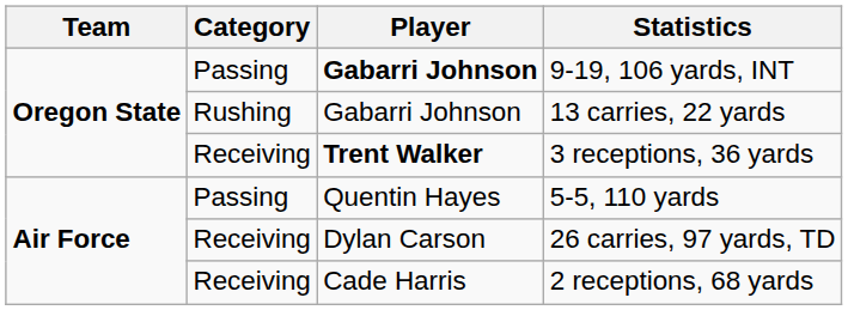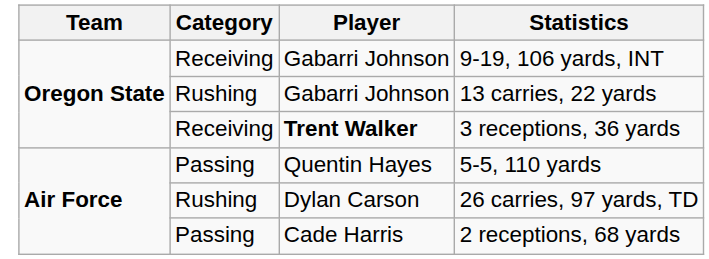 <table class="wikitable" style="float: right;">
 <tr>
 <th>Team</th>
 <th>Category</th>
 <th>Player</th>
 <th>Statistics</th>
 </tr>
 <tr>
 <td rowspan=3><strong>Oregon State</strong></td>
-<td>Passing</td>
-<td><strong>Gabarri Johnson</strong></td>
+<td>Receiving</td>
+<td>Gabarri Johnson</td>
 <td>9-19, 106 yards, INT</td>
 </tr>
 <tr>
 <td>Rushing</td>
 <td>Gabarri Johnson</td>
 <td>13 carries, 22 yards</td>
 </tr>
 <tr>
 <td>Receiving</td>
 <td><strong>Trent Walker</strong></td>
 <td>3 receptions, 36 yards</td>
 </tr>
 <tr>
 <td rowspan=3><strong>Air Force</strong></td>
 <td>Passing</td>
 <td>Quentin Hayes</td>
 <td>5-5, 110 yards</td>
 </tr>
 <tr>
-<td>Receiving</td>
+<td>Rushing</td>
 <td>Dylan Carson</td>
 <td>26 carries, 97 yards, TD</td>
 </tr>
 <tr>
-<td>Receiving</td>
+<td>Passing</td>
 <td>Cade Harris</td>
 <td>2 receptions, 68 yards</td>
 </tr>
 </table>
